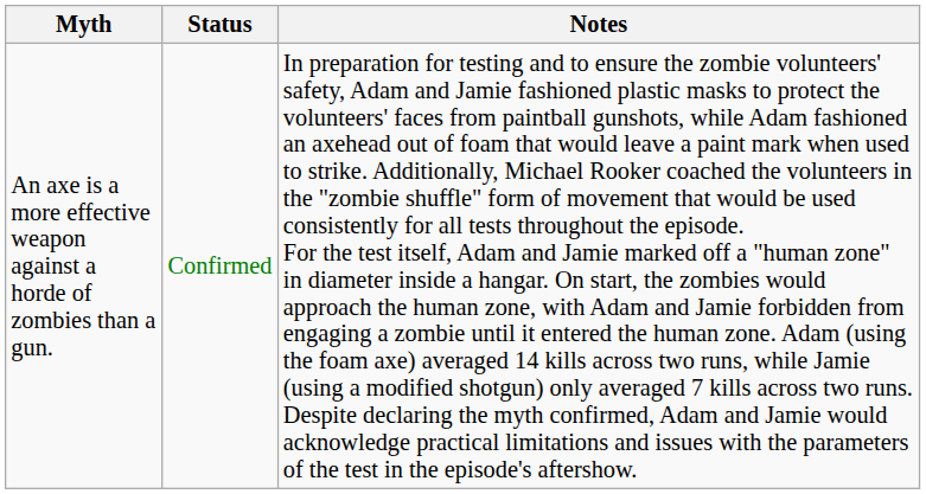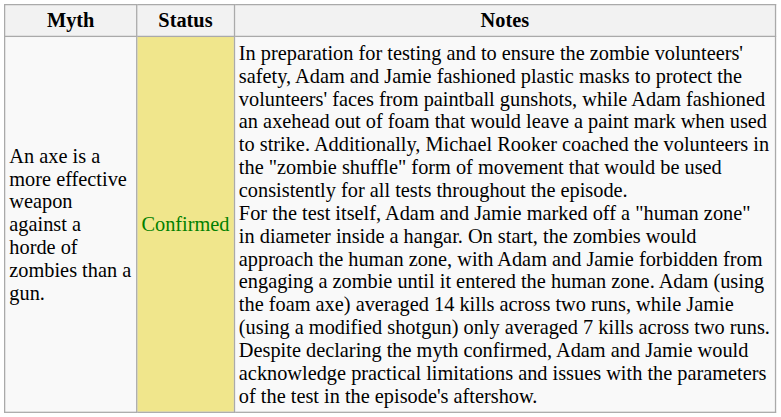 <table class="wikitable plainrowheaders">
 <tr>
 <th scope="col">Myth</th>
 <th scope="col">Status</th>
 <th scope="col">Notes</th>
 </tr>
 <tr>
 <td scope="row">An axe is a more effective weapon against a horde of zombies than a gun.</td>
-<td style="color:green">Confirmed</td>
+<td style="background: khaki; color:green">Confirmed</td>
 <td>In preparation for testing and to ensure the zombie volunteers' safety, Adam and Jamie fashioned plastic masks to protect the volunteers' faces from paintball gunshots, while Adam fashioned an axehead out of foam that would leave a paint mark when used to strike. Additionally, Michael Rooker coached the volunteers in the "zombie shuffle" form of movement that would be used consistently for all tests throughout the episode.<br>For the test itself, Adam and Jamie marked off a "human zone"  in diameter inside a hangar. On start, the zombies would approach the human zone, with Adam and Jamie forbidden from engaging a zombie until it entered the human zone. Adam (using the foam axe) averaged 14 kills across two runs, while Jamie (using a modified shotgun) only averaged 7 kills across two runs. Despite declaring the myth confirmed, Adam and Jamie would acknowledge practical limitations and issues with the parameters of the test in the episode's aftershow.</td>
 </tr>
 </table>
